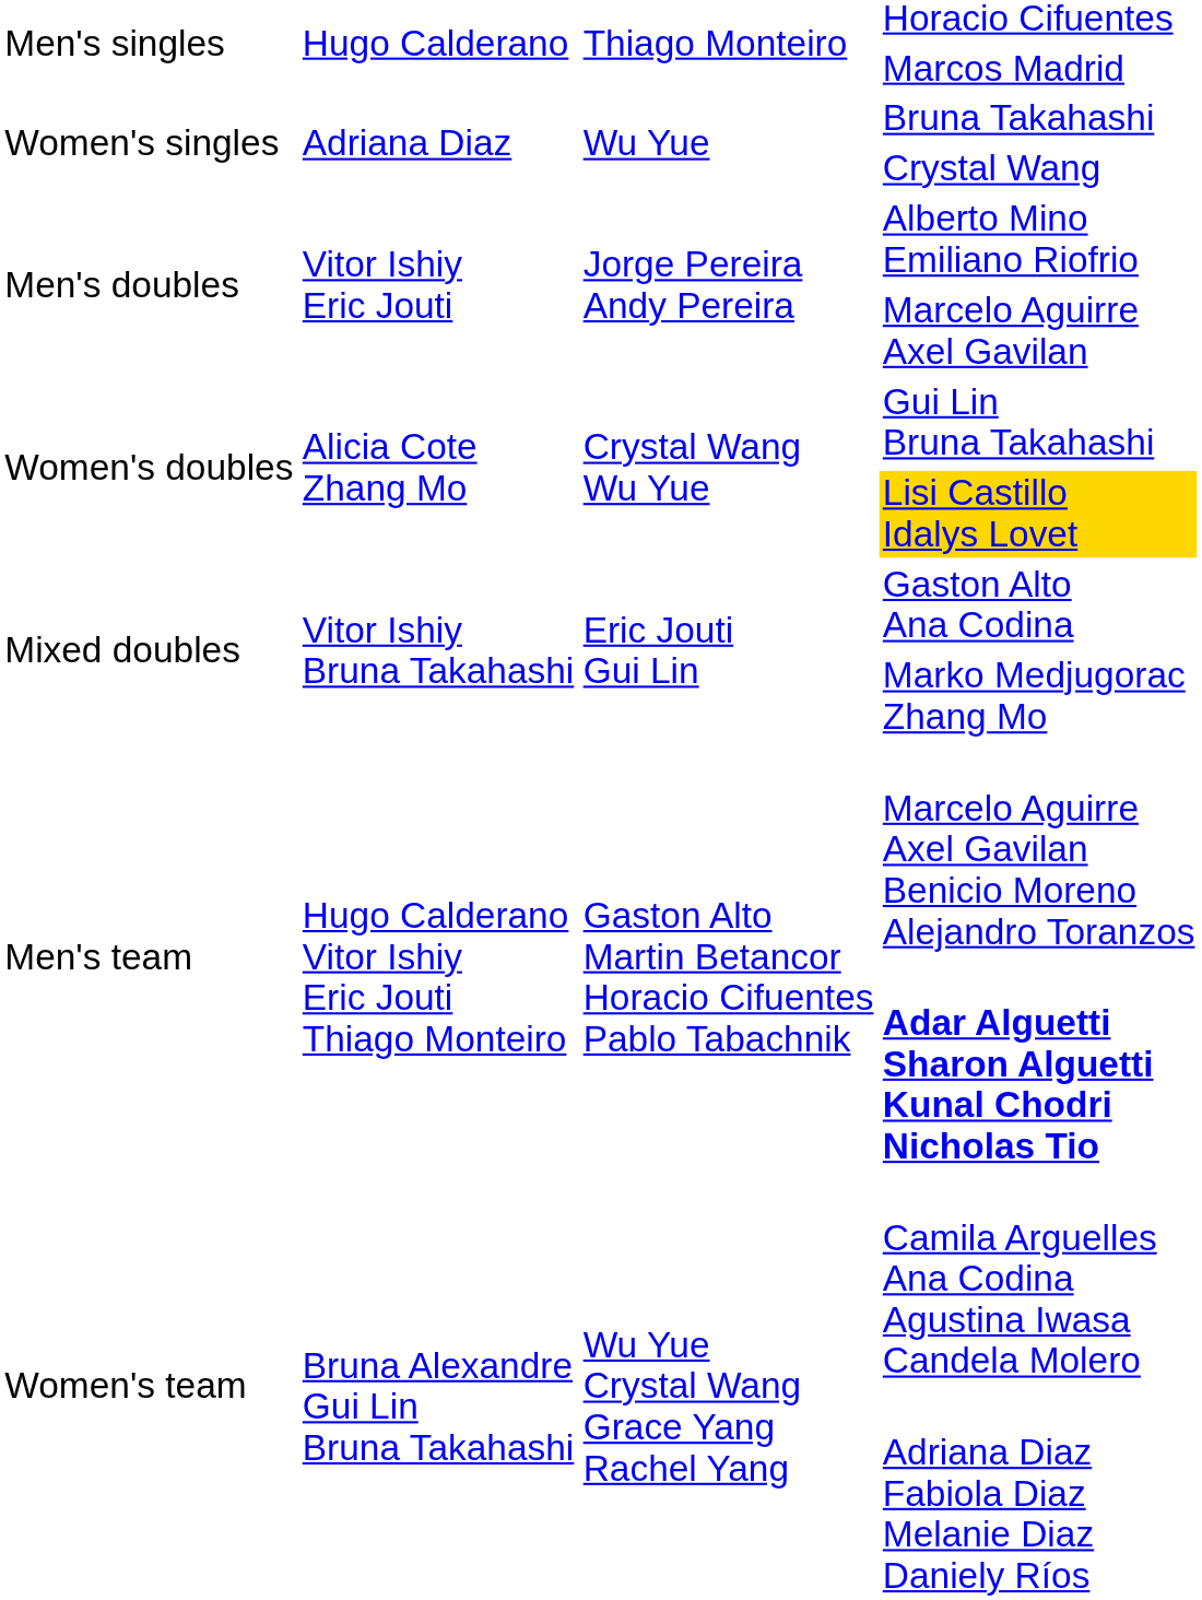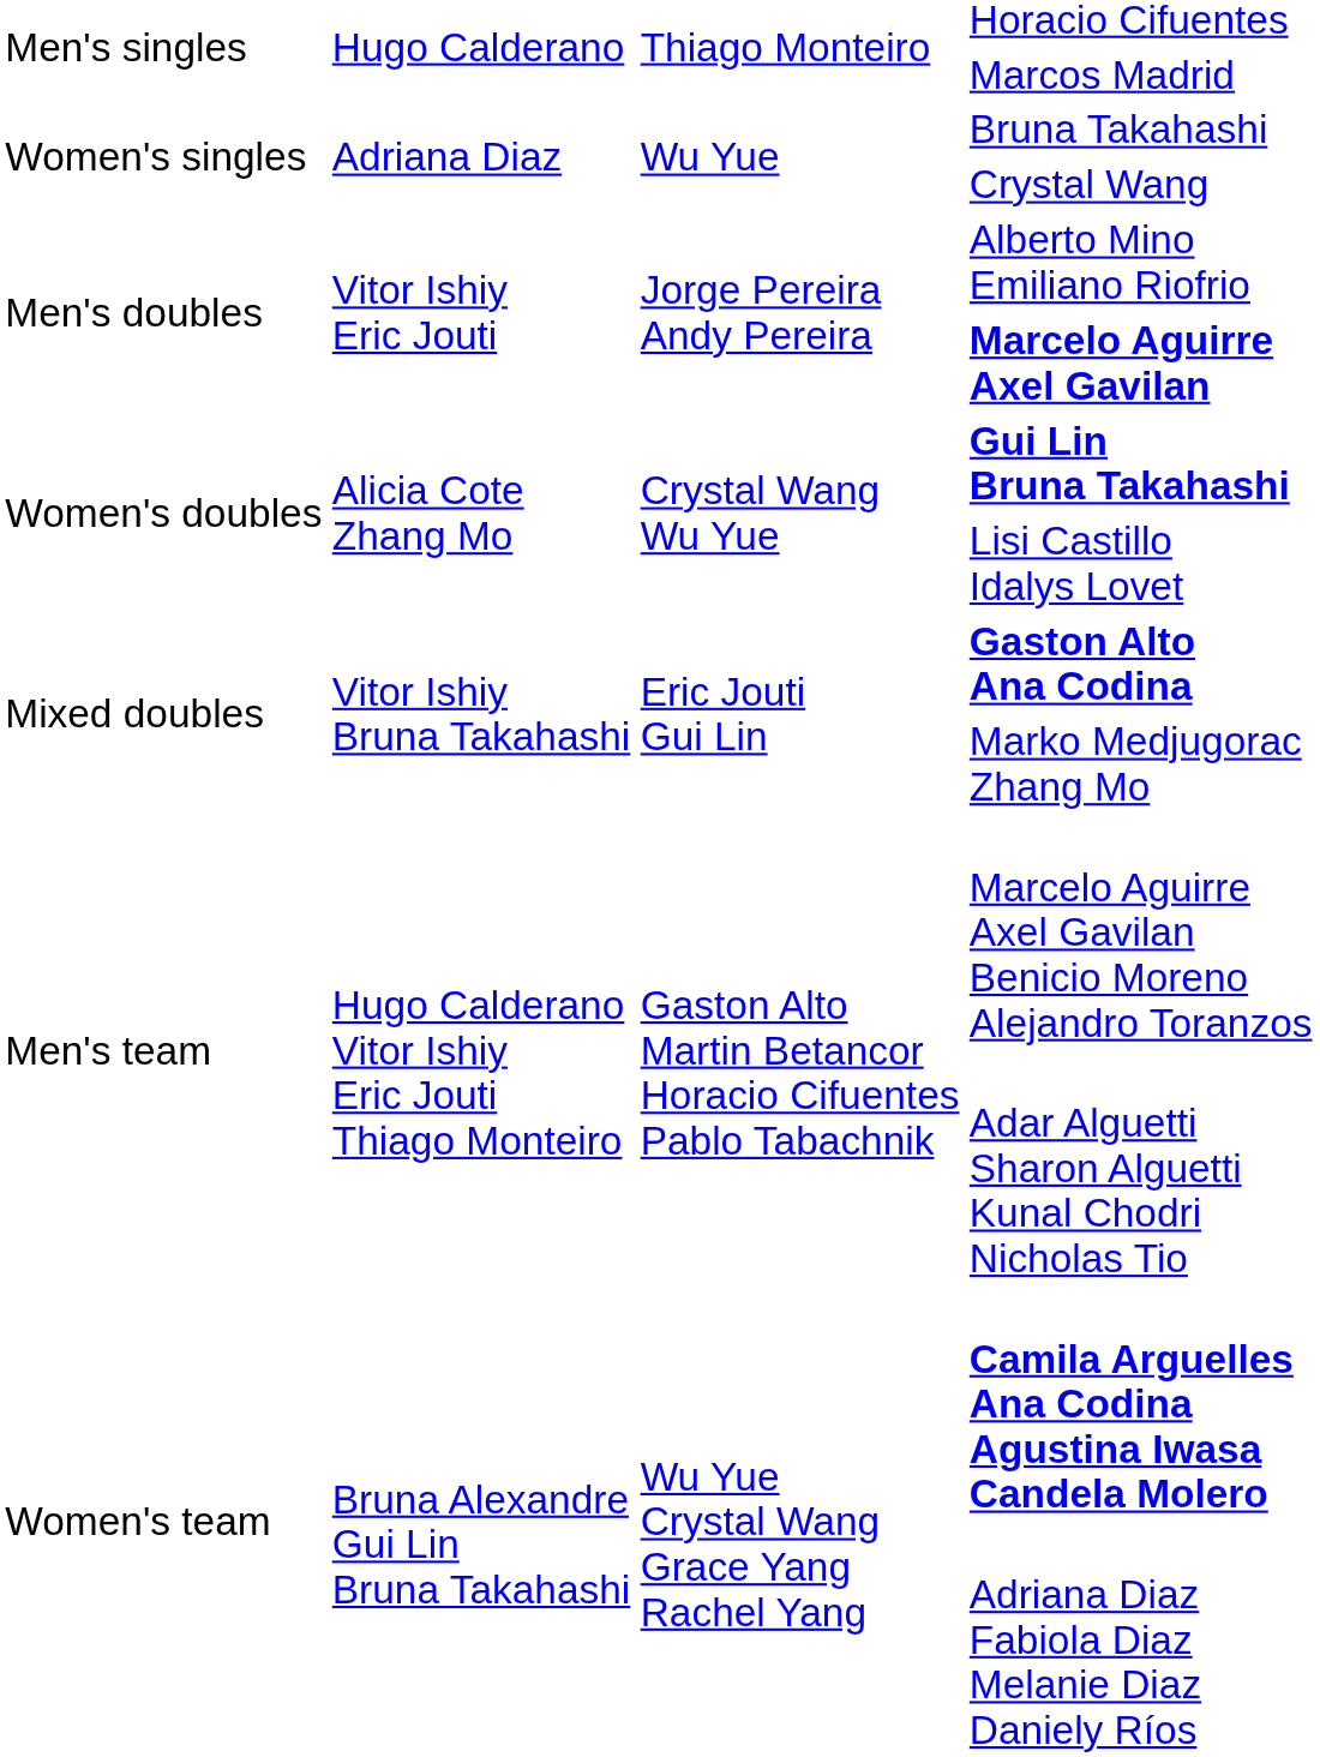 <table>
 <tr>
 <td rowspan=2>Men's singles</td>
 <td rowspan=2> <a href='#'>Hugo Calderano</a></td>
 <td rowspan=2> <a href='#'>Thiago Monteiro</a></td>
 <td> <a href='#'>Horacio Cifuentes</a></td>
 </tr>
 <tr>
 <td> <a href='#'>Marcos Madrid</a></td>
 </tr>
 <tr>
 <td rowspan=2>Women's singles</td>
 <td rowspan=2> <a href='#'>Adriana Diaz</a></td>
 <td rowspan=2> <a href='#'>Wu Yue</a></td>
 <td> <a href='#'>Bruna Takahashi</a></td>
 </tr>
 <tr>
 <td> <a href='#'>Crystal Wang</a></td>
 </tr>
 <tr>
 <td rowspan=2>Men's doubles</td>
 <td rowspan=2> <a href='#'>Vitor Ishiy</a><br> <a href='#'>Eric Jouti</a></td>
 <td rowspan=2> <a href='#'>Jorge Pereira</a><br> <a href='#'>Andy Pereira</a></td>
 <td> <a href='#'>Alberto Mino</a><br> <a href='#'>Emiliano Riofrio</a></td>
 </tr>
 <tr>
-<td> <a href='#'>Marcelo Aguirre</a><br> <a href='#'>Axel Gavilan</a></td>
+<td><strong> <a href='#'>Marcelo Aguirre</a><br> <a href='#'>Axel Gavilan</a></strong></td>
 </tr>
 <tr>
 <td rowspan=2>Women's doubles</td>
 <td rowspan=2> <a href='#'>Alicia Cote</a><br> <a href='#'>Zhang Mo</a></td>
 <td rowspan=2> <a href='#'>Crystal Wang</a><br> <a href='#'>Wu Yue</a></td>
-<td> <a href='#'>Gui Lin</a><br> <a href='#'>Bruna Takahashi</a></td>
+<td><strong> <a href='#'>Gui Lin</a><br> <a href='#'>Bruna Takahashi</a></strong></td>
 </tr>
 <tr>
-<td style="background: gold;"> <a href='#'>Lisi Castillo</a><br> <a href='#'>Idalys Lovet</a></td>
+<td> <a href='#'>Lisi Castillo</a><br> <a href='#'>Idalys Lovet</a></td>
 </tr>
 <tr>
 <td rowspan=2>Mixed doubles</td>
 <td rowspan=2> <a href='#'>Vitor Ishiy</a><br> <a href='#'>Bruna Takahashi</a></td>
 <td rowspan=2> <a href='#'>Eric Jouti</a><br> <a href='#'>Gui Lin</a></td>
-<td> <a href='#'>Gaston Alto</a><br> <a href='#'>Ana Codina</a></td>
+<td><strong> <a href='#'>Gaston Alto</a><br> <a href='#'>Ana Codina</a></strong></td>
 </tr>
 <tr>
 <td> <a href='#'>Marko Medjugorac</a><br> <a href='#'>Zhang Mo</a></td>
 </tr>
 <tr>
 <td rowspan=2>Men's team</td>
 <td rowspan=2><br><a href='#'>Hugo Calderano</a><br><a href='#'>Vitor Ishiy</a><br><a href='#'>Eric Jouti</a><br><a href='#'>Thiago Monteiro</a></td>
 <td rowspan=2><br><a href='#'>Gaston Alto</a><br><a href='#'>Martin Betancor</a><br><a href='#'>Horacio Cifuentes</a><br><a href='#'>Pablo Tabachnik</a></td>
 <td><br><a href='#'>Marcelo Aguirre</a><br><a href='#'>Axel Gavilan</a><br><a href='#'>Benicio Moreno</a><br><a href='#'>Alejandro Toranzos</a></td>
 </tr>
 <tr>
-<td><strong><br><a href='#'>Adar Alguetti</a><br><a href='#'>Sharon Alguetti</a><br><a href='#'>Kunal Chodri</a><br><a href='#'>Nicholas Tio</a></strong></td>
+<td><br><a href='#'>Adar Alguetti</a><br><a href='#'>Sharon Alguetti</a><br><a href='#'>Kunal Chodri</a><br><a href='#'>Nicholas Tio</a></td>
 </tr>
 <tr>
 <td rowspan=2>Women's team</td>
 <td rowspan=2><br><a href='#'>Bruna Alexandre</a><br><a href='#'>Gui Lin</a><br><a href='#'>Bruna Takahashi</a></td>
 <td rowspan=2><br><a href='#'>Wu Yue</a><br><a href='#'>Crystal Wang</a><br><a href='#'>Grace Yang</a><br><a href='#'>Rachel Yang</a></td>
-<td><br><a href='#'>Camila Arguelles</a><br><a href='#'>Ana Codina</a><br><a href='#'>Agustina Iwasa</a><br><a href='#'>Candela Molero</a></td>
+<td><strong><br><a href='#'>Camila Arguelles</a><br><a href='#'>Ana Codina</a><br><a href='#'>Agustina Iwasa</a><br><a href='#'>Candela Molero</a></strong></td>
 </tr>
 <tr>
 <td><br><a href='#'>Adriana Diaz</a><br><a href='#'>Fabiola Diaz</a><br><a href='#'>Melanie Diaz</a><br><a href='#'>Daniely Ríos</a></td>
 </tr>
 </table>
